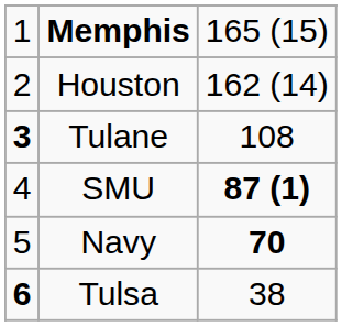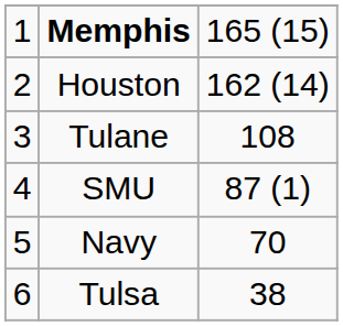 <table class="wikitable" style="display: inline-table;">
 <tr align="center">
 </tr>
 <tr align="center">
 <td>1</td>
 <td><strong>Memphis</strong></td>
 <td>165 (15)</td>
 </tr>
 <tr align="center">
 <td>2</td>
 <td>Houston</td>
 <td>162 (14)</td>
 </tr>
 <tr align="center">
-<td><strong>3</strong></td>
+<td>3</td>
 <td>Tulane</td>
 <td>108</td>
 </tr>
 <tr align="center">
 <td>4</td>
 <td>SMU</td>
-<td><strong>87 (1)</strong></td>
+<td>87 (1)</td>
 </tr>
 <tr align="center">
 <td>5</td>
 <td>Navy</td>
-<td><strong>70</strong></td>
+<td>70</td>
 </tr>
 <tr align="center">
-<td><strong>6</strong></td>
+<td>6</td>
 <td>Tulsa</td>
 <td>38</td>
 </tr>
 </table>
